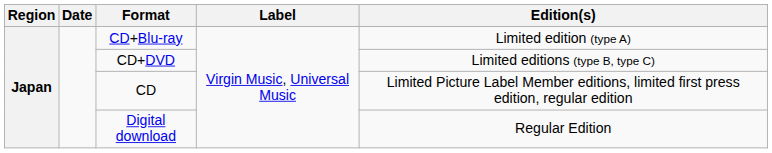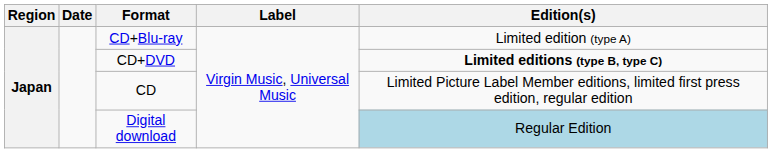 <table class="wikitable plainrowheaders sortable" style="text-align:center;">
 <tr>
 <th scope="col">Region</th>
 <th scope="col">Date</th>
 <th scope="col">Format</th>
 <th scope="col">Label</th>
 <th scope="col">Edition(s)</th>
 </tr>
 <tr>
 <th scope="row" rowspan="4">Japan</th>
 <td rowspan="4"></td>
 <td rowspan="1"><a href='#'>CD</a>+<a href='#'>Blu-ray</a></td>
 <td rowspan="4"><a href='#'>Virgin Music</a>, <a href='#'>Universal Music</a></td>
 <td rowspan="1">Limited edition <small>(type A)</small></td>
 </tr>
 <tr>
 <td rowspan="1">CD+<a href='#'>DVD</a></td>
-<td rowspan="1">Limited editions <small>(type B, type C)</small></td>
+<td rowspan="1"><strong>Limited editions <small>(type B, type C)</small></strong></td>
 </tr>
 <tr>
 <td>CD</td>
 <td>Limited Picture Label Member editions, limited first press edition, regular edition</td>
 </tr>
 <tr>
 <td><a href='#'>Digital download</a></td>
-<td>Regular Edition</td>
+<td style="background: lightblue;">Regular Edition</td>
 </tr>
 </table>
